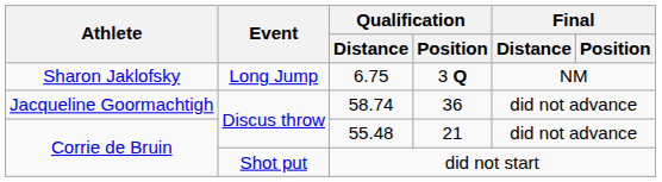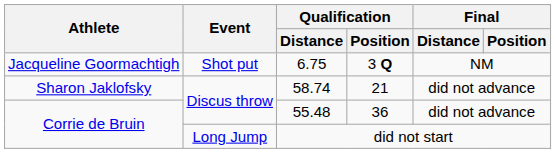 <table class="wikitable" style="font-size:90%">
 <tr>
 <th rowspan="2">Athlete</th>
 <th rowspan="2">Event</th>
 <th colspan="2">Qualification</th>
 <th colspan="2">Final</th>
 </tr>
 <tr>
 <th>Distance</th>
 <th>Position</th>
 <th>Distance</th>
 <th>Position</th>
 </tr>
 <tr align=center>
-<td><a href='#'>Sharon Jaklofsky</a></td>
-<td><a href='#'>Long Jump</a></td>
+<td><a href='#'>Jacqueline Goormachtigh</a></td>
+<td><a href='#'>Shot put</a></td>
 <td>6.75</td>
 <td>3 <strong>Q</strong></td>
 <td colspan=2>NM</td>
 </tr>
 <tr align=center>
-<td><a href='#'>Jacqueline Goormachtigh</a></td>
+<td><a href='#'>Sharon Jaklofsky</a></td>
 <td rowspan=2><a href='#'>Discus throw</a></td>
 <td>58.74</td>
-<td>36</td>
+<td>21</td>
 <td colspan=2>did not advance</td>
 </tr>
 <tr align=center>
 <td rowspan=2><a href='#'>Corrie de Bruin</a></td>
 <td>55.48</td>
-<td>21</td>
+<td>36</td>
 <td colspan=2>did not advance</td>
 </tr>
 <tr align=center>
-<td><a href='#'>Shot put</a></td>
+<td><a href='#'>Long Jump</a></td>
 <td colspan=4>did not start</td>
 </tr>
 </table>
